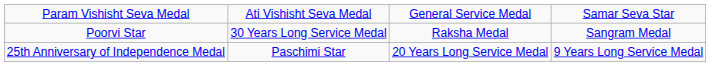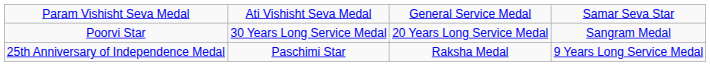 <table class="wikitable" style="margin:1em auto; text-align:center;">
 <tr>
 <td><a href='#'>Param Vishisht Seva Medal</a></td>
 <td><a href='#'>Ati Vishisht Seva Medal</a></td>
 <td><a href='#'>General Service Medal</a></td>
 <td><a href='#'>Samar Seva Star</a></td>
 </tr>
 <tr>
 <td><a href='#'>Poorvi Star</a></td>
 <td><a href='#'>30 Years Long Service Medal</a></td>
-<td><a href='#'>Raksha Medal</a></td>
+<td><a href='#'>20 Years Long Service Medal</a></td>
 <td><a href='#'>Sangram Medal</a></td>
 </tr>
 <tr>
 <td><a href='#'>25th Anniversary of Independence Medal</a></td>
 <td><a href='#'>Paschimi Star</a></td>
-<td><a href='#'>20 Years Long Service Medal</a></td>
+<td><a href='#'>Raksha Medal</a></td>
 <td><a href='#'>9 Years Long Service Medal</a></td>
 </tr>
 </table>
